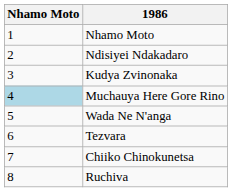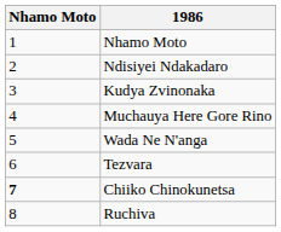 <table class="wikitable">
 <tr>
 <th>Nhamo Moto</th>
 <th>1986</th>
 </tr>
 <tr>
 <td>1</td>
 <td>Nhamo Moto</td>
 </tr>
 <tr>
 <td>2</td>
 <td>Ndisiyei Ndakadaro</td>
 </tr>
 <tr>
 <td>3</td>
 <td>Kudya Zvinonaka</td>
 </tr>
 <tr>
-<td style="background: lightblue;">4</td>
+<td>4</td>
 <td>Muchauya Here Gore Rino</td>
 </tr>
 <tr>
 <td>5</td>
 <td>Wada Ne N'anga</td>
 </tr>
 <tr>
 <td>6</td>
 <td>Tezvara</td>
 </tr>
 <tr>
-<td>7</td>
+<td><strong>7</strong></td>
 <td>Chiiko Chinokunetsa</td>
 </tr>
 <tr>
 <td>8</td>
 <td>Ruchiva</td>
 </tr>
 </table>
